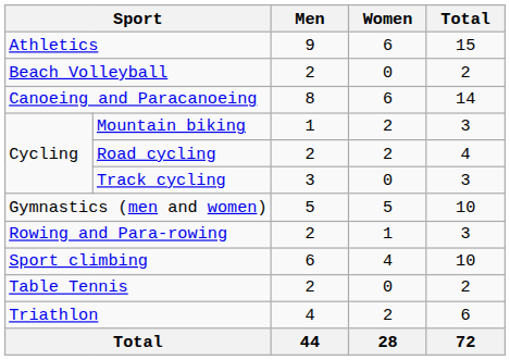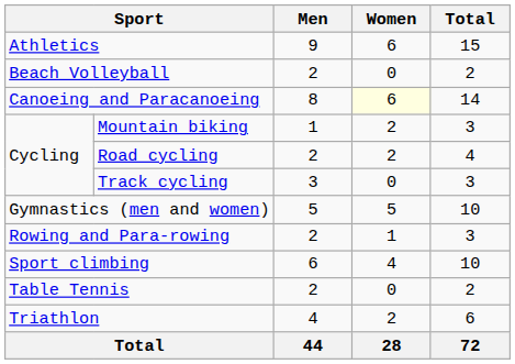 <table class="wikitable sortable" style="text-align:center;">
 <tr>
 <th width=180 colspan=2>Sport</th>
 <th width=55>Men</th>
 <th width=55>Women</th>
 <th width=55>Total</th>
 </tr>
 <tr>
 <td align=left colspan=2><a href='#'>Athletics</a></td>
 <td>9</td>
 <td>6</td>
 <td>15</td>
 </tr>
 <tr>
 <td align=left colspan=2><a href='#'>Beach Volleyball</a></td>
 <td>2</td>
 <td>0</td>
 <td>2</td>
 </tr>
 <tr>
 <td align=left colspan=2><a href='#'>Canoeing and Paracanoeing</a></td>
 <td>8</td>
-<td>6</td>
+<td style="background: lightyellow;">6</td>
 <td>14</td>
 </tr>
 <tr>
 <td align=left rowspan=3>Cycling</td>
 <td align=left><a href='#'>Mountain biking</a></td>
 <td>1</td>
 <td>2</td>
 <td>3</td>
 </tr>
 <tr>
 <td align=left><a href='#'>Road cycling</a></td>
 <td>2</td>
 <td>2</td>
 <td>4</td>
 </tr>
 <tr>
 <td align=left><a href='#'>Track cycling</a></td>
 <td>3</td>
 <td>0</td>
 <td>3</td>
 </tr>
 <tr>
 <td align=left colspan=2>Gymnastics (<a href='#'>men</a> and <a href='#'>women</a>)</td>
 <td>5</td>
 <td>5</td>
 <td>10</td>
 </tr>
 <tr>
 <td align=left colspan=2><a href='#'>Rowing and Para-rowing</a></td>
 <td>2</td>
 <td>1</td>
 <td>3</td>
 </tr>
 <tr>
 <td align=left colspan=2><a href='#'>Sport climbing</a></td>
 <td>6</td>
 <td>4</td>
 <td>10</td>
 </tr>
 <tr>
 <td align=left colspan=2><a href='#'>Table Tennis</a></td>
 <td>2</td>
 <td>0</td>
 <td>2</td>
 </tr>
 <tr>
 <td align=left colspan=2><a href='#'>Triathlon</a></td>
 <td>4</td>
 <td>2</td>
 <td>6</td>
 </tr>
 <tr>
 <th align=left colspan=2>Total</th>
 <th>44</th>
 <th>28</th>
 <th>72</th>
 </tr>
 </table>
